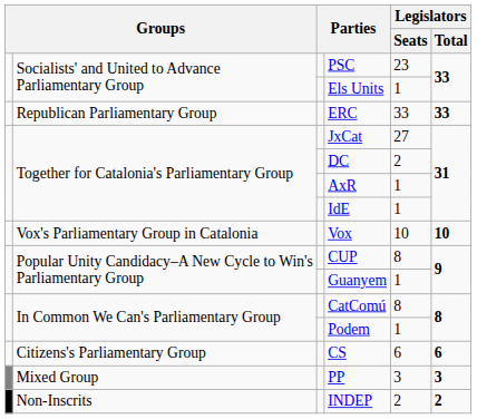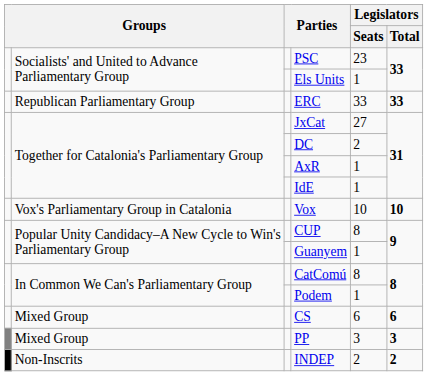 <table class="wikitable" style="text-align:left;">
 <tr>
 <th rowspan="2" colspan="2">Groups</th>
 <th rowspan="2" colspan="2">Parties</th>
 <th colspan="2">Legislators</th>
 </tr>
 <tr>
 <th>Seats</th>
 <th>Total</th>
 </tr>
 <tr>
 <td width="1" rowspan="2"></td>
 <td rowspan="2">Socialists' and United to Advance<br>Parliamentary Group</td>
 <td width="1" style="color:inherit;background:"></td>
 <td><a href='#'>PSC</a></td>
 <td>23</td>
 <td rowspan="2"><strong>33</strong></td>
 </tr>
 <tr>
 <td style="color:inherit;background:"></td>
 <td><a href='#'>Els Units</a></td>
 <td>1</td>
 </tr>
 <tr>
 <td style="color:inherit;background:"></td>
 <td>Republican Parliamentary Group</td>
 <td style="color:inherit;background:"></td>
 <td><a href='#'>ERC</a></td>
 <td>33</td>
 <td><strong>33</strong></td>
 </tr>
 <tr>
 <td rowspan="4" style="color:inherit;background:"></td>
 <td rowspan="4">Together for Catalonia's Parliamentary Group</td>
 <td style="color:inherit;background:"></td>
 <td><a href='#'>JxCat</a></td>
 <td>27</td>
 <td rowspan="4"><strong>31</strong></td>
 </tr>
 <tr>
 <td style="color:inherit;background:"></td>
 <td><a href='#'>DC</a></td>
 <td>2</td>
 </tr>
 <tr>
 <td style="color:inherit;background:"></td>
 <td><a href='#'>AxR</a></td>
 <td>1</td>
 </tr>
 <tr>
 <td style="color:inherit;background:"></td>
 <td><a href='#'>IdE</a></td>
 <td>1</td>
 </tr>
 <tr>
 <td style="color:inherit;background:"></td>
 <td>Vox's Parliamentary Group in Catalonia</td>
 <td style="color:inherit;background:"></td>
 <td><a href='#'>Vox</a></td>
 <td>10</td>
 <td><strong>10</strong></td>
 </tr>
 <tr>
 <td rowspan="2" style="color:inherit;background:"></td>
 <td rowspan="2">Popular Unity Candidacy–A New Cycle to Win's<br>Parliamentary Group</td>
 <td style="color:inherit;background:"></td>
 <td><a href='#'>CUP</a></td>
 <td>8</td>
 <td rowspan="2"><strong>9</strong></td>
 </tr>
 <tr>
 <td style="color:inherit;background:"></td>
 <td><a href='#'>Guanyem</a></td>
 <td>1</td>
 </tr>
 <tr>
 <td rowspan="2" style="color:inherit;background:"></td>
 <td rowspan="2">In Common We Can's Parliamentary Group</td>
 <td style="color:inherit;background:"></td>
 <td><a href='#'>CatComú</a></td>
 <td>8</td>
 <td rowspan="2"><strong>8</strong></td>
 </tr>
 <tr>
 <td style="color:inherit;background:"></td>
 <td><a href='#'>Podem</a></td>
 <td>1</td>
 </tr>
 <tr>
 <td style="color:inherit;background:"></td>
-<td>Citizens's Parliamentary Group</td>
+<td>Mixed Group</td>
 <td style="color:inherit;background:"></td>
 <td><a href='#'>CS</a></td>
 <td>6</td>
 <td><strong>6</strong></td>
 </tr>
 <tr>
 <td bgcolor="gray"></td>
 <td>Mixed Group</td>
 <td style="color:inherit;background:"></td>
 <td><a href='#'>PP</a></td>
 <td>3</td>
 <td><strong>3</strong></td>
 </tr>
 <tr>
 <td rowspan="2" bgcolor="black"></td>
 <td rowspan="2">Non-Inscrits</td>
 <td style="color:inherit;background:"></td>
 <td><a href='#'>INDEP</a></td>
 <td>2</td>
 <td rowspan="2"><strong>2</strong></td>
 </tr>
 </table>
